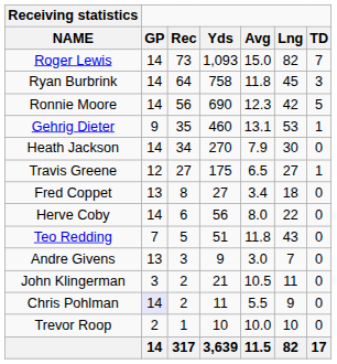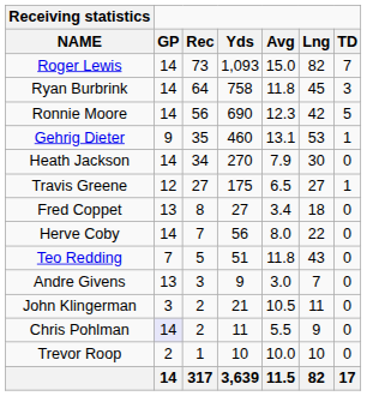 <table class="wikitable" style="text-align:center;">
 <tr>
 <th style="text-align:center; ">Receiving statistics</th>
 </tr>
 <tr>
 <th>NAME</th>
 <th>GP</th>
 <th>Rec</th>
 <th>Yds</th>
 <th>Avg</th>
 <th>Lng</th>
 <th>TD</th>
 </tr>
 <tr>
 <td><a href='#'>Roger Lewis</a></td>
 <td>14</td>
 <td>73</td>
 <td>1,093</td>
 <td>15.0</td>
 <td>82</td>
 <td>7</td>
 </tr>
 <tr>
 <td>Ryan Burbrink</td>
 <td>14</td>
 <td>64</td>
 <td>758</td>
 <td>11.8</td>
 <td>45</td>
 <td>3</td>
 </tr>
 <tr>
 <td>Ronnie Moore</td>
 <td>14</td>
 <td>56</td>
 <td>690</td>
 <td>12.3</td>
 <td>42</td>
 <td>5</td>
 </tr>
 <tr>
 <td><a href='#'>Gehrig Dieter</a></td>
 <td>9</td>
 <td>35</td>
 <td>460</td>
 <td>13.1</td>
 <td>53</td>
 <td>1</td>
 </tr>
 <tr>
 <td>Heath Jackson</td>
 <td>14</td>
 <td>34</td>
 <td>270</td>
 <td>7.9</td>
 <td>30</td>
 <td>0</td>
 </tr>
 <tr>
 <td>Travis Greene</td>
 <td>12</td>
 <td>27</td>
 <td>175</td>
 <td>6.5</td>
 <td>27</td>
 <td>1</td>
 </tr>
 <tr>
 <td>Fred Coppet</td>
 <td>13</td>
 <td>8</td>
 <td>27</td>
 <td>3.4</td>
 <td>18</td>
 <td>0</td>
 </tr>
 <tr>
 <td>Herve Coby</td>
 <td>14</td>
-<td>6</td>
+<td>7</td>
 <td>56</td>
 <td>8.0</td>
 <td>22</td>
 <td>0</td>
 </tr>
 <tr>
 <td><a href='#'>Teo Redding</a></td>
 <td>7</td>
 <td>5</td>
 <td>51</td>
 <td>11.8</td>
 <td>43</td>
 <td>0</td>
 </tr>
 <tr>
 <td>Andre Givens</td>
 <td>13</td>
 <td>3</td>
 <td>9</td>
 <td>3.0</td>
 <td>7</td>
 <td>0</td>
 </tr>
 <tr>
 <td>John Klingerman</td>
 <td>3</td>
 <td>2</td>
 <td>21</td>
 <td>10.5</td>
 <td>11</td>
 <td>0</td>
 </tr>
 <tr>
 <td>Chris Pohlman</td>
 <td style="background: lavender;">14</td>
 <td>2</td>
 <td>11</td>
 <td>5.5</td>
 <td>9</td>
 <td>0</td>
 </tr>
 <tr>
 <td>Trevor Roop</td>
 <td>2</td>
 <td>1</td>
 <td>10</td>
 <td>10.0</td>
 <td>10</td>
 <td>0</td>
 </tr>
 <tr>
 <th colspan="1"></th>
 <th>14</th>
 <th>317</th>
 <th>3,639</th>
 <th>11.5</th>
 <th>82</th>
 <th>17</th>
 </tr>
 </table>
